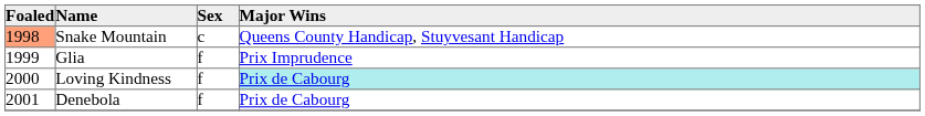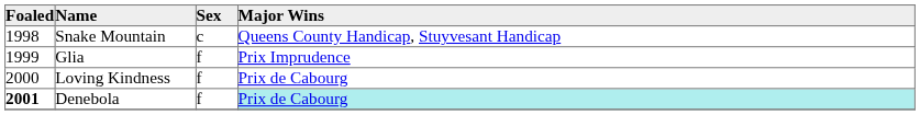 <table border="1" cellpadding="0" style="border-collapse: collapse; font-size:90%">
 <tr style="background:#eee;">
 <td style="width:35px;"><strong>Foaled</strong></td>
 <td style="width:120px;"><strong>Name</strong></td>
 <td style="width:35px;"><strong>Sex</strong></td>
 <td style="width:580px;"><strong>Major Wins</strong></td>
 </tr>
 <tr>
-<td style="background: lightsalmon;">1998</td>
+<td>1998</td>
 <td>Snake Mountain</td>
 <td>c</td>
 <td><a href='#'>Queens County Handicap</a>, <a href='#'>Stuyvesant Handicap</a></td>
 </tr>
 <tr>
 <td>1999</td>
 <td>Glia</td>
 <td>f</td>
 <td><a href='#'>Prix Imprudence</a></td>
 </tr>
 <tr>
 <td>2000</td>
 <td>Loving Kindness</td>
 <td>f</td>
-<td style="background: paleturquoise;"><a href='#'>Prix de Cabourg</a></td>
+<td><a href='#'>Prix de Cabourg</a></td>
 </tr>
 <tr>
-<td>2001</td>
+<td><strong>2001</strong></td>
 <td>Denebola</td>
 <td>f</td>
-<td><a href='#'>Prix de Cabourg</a></td>
+<td style="background: paleturquoise;"><a href='#'>Prix de Cabourg</a></td>
 </tr>
 <tr>
 </tr>
 </table>
